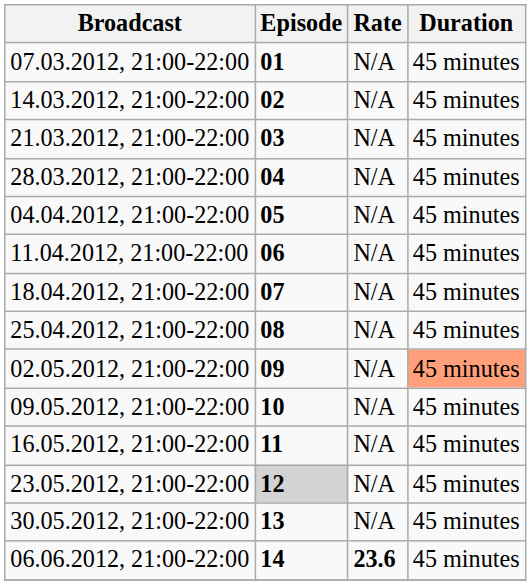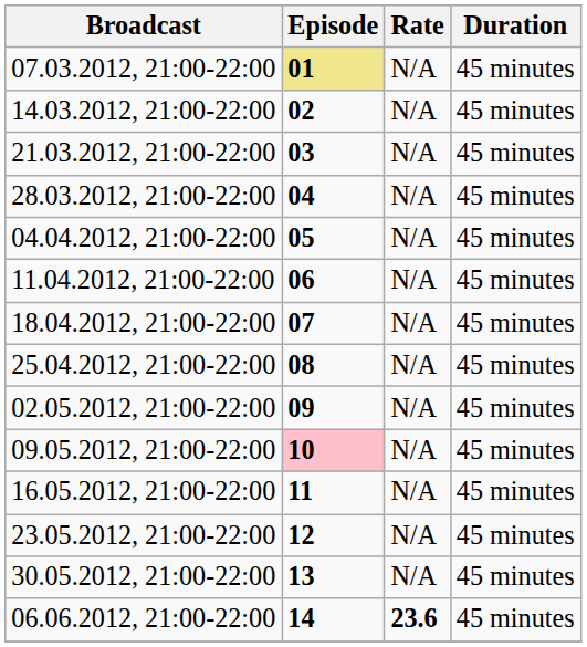 <table class="wikitable">
 <tr>
 <th>Broadcast</th>
 <th>Episode</th>
 <th>Rate</th>
 <th>Duration</th>
 </tr>
 <tr>
 <td>07.03.2012, 21:00-22:00</td>
-<td><strong>01</strong></td>
+<td style="background: khaki;"><strong>01</strong></td>
 <td>N/A</td>
 <td>45 minutes</td>
 </tr>
 <tr>
 <td>14.03.2012, 21:00-22:00</td>
 <td><strong>02</strong></td>
 <td>N/A</td>
 <td>45 minutes</td>
 </tr>
 <tr>
 <td>21.03.2012, 21:00-22:00</td>
 <td><strong>03</strong></td>
 <td>N/A</td>
 <td>45 minutes</td>
 </tr>
 <tr>
 <td>28.03.2012, 21:00-22:00</td>
 <td><strong>04</strong></td>
 <td>N/A</td>
 <td>45 minutes</td>
 </tr>
 <tr>
 <td>04.04.2012, 21:00-22:00</td>
 <td><strong>05</strong></td>
 <td>N/A</td>
 <td>45 minutes</td>
 </tr>
 <tr>
 <td>11.04.2012, 21:00-22:00</td>
 <td><strong>06</strong></td>
 <td>N/A</td>
 <td>45 minutes</td>
 </tr>
 <tr>
 <td>18.04.2012, 21:00-22:00</td>
 <td><strong>07</strong></td>
 <td>N/A</td>
 <td>45 minutes</td>
 </tr>
 <tr>
 <td>25.04.2012, 21:00-22:00</td>
 <td><strong>08</strong></td>
 <td>N/A</td>
 <td>45 minutes</td>
 </tr>
 <tr>
 <td>02.05.2012, 21:00-22:00</td>
 <td><strong>09</strong></td>
 <td>N/A</td>
-<td style="background: lightsalmon;">45 minutes</td>
+<td>45 minutes</td>
 </tr>
 <tr>
 <td>09.05.2012, 21:00-22:00</td>
-<td><strong>10</strong></td>
+<td style="background: pink;"><strong>10</strong></td>
 <td>N/A</td>
 <td>45 minutes</td>
 </tr>
 <tr>
 <td>16.05.2012, 21:00-22:00</td>
 <td><strong>11</strong></td>
 <td>N/A</td>
 <td>45 minutes</td>
 </tr>
 <tr>
 <td>23.05.2012, 21:00-22:00</td>
-<td style="background: lightgrey;"><strong>12</strong></td>
+<td><strong>12</strong></td>
 <td>N/A</td>
 <td>45 minutes</td>
 </tr>
 <tr>
 <td>30.05.2012, 21:00-22:00</td>
 <td><strong>13</strong></td>
 <td>N/A</td>
 <td>45 minutes</td>
 </tr>
 <tr>
 <td>06.06.2012, 21:00-22:00</td>
 <td><strong>14</strong></td>
 <td><strong>23.6</strong></td>
 <td>45 minutes</td>
 </tr>
 <tr>
 </tr>
 </table>
